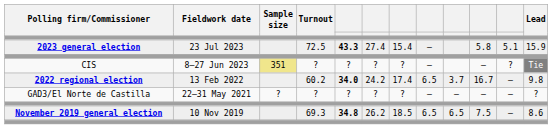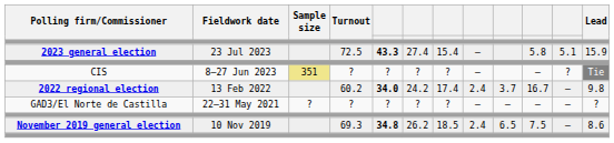 <table class="wikitable collapsible collapsed" style="text-align:center; font-size:95%; line-height:16px;">
 <tr style="height:42px;">
 <th style="width:250px;" rowspan="2">Polling firm/Commissioner</th>
 <th style="width:125px;" rowspan="2">Fieldwork date</th>
 <th style="width:50px;" rowspan="2">Sample size</th>
 <th style="width:45px;" rowspan="2">Turnout</th>
 <th style="width:35px;"></th>
 <th style="width:35px;"></th>
 <th style="width:35px;"></th>
 <th style="width:35px;"></th>
 <th style="width:35px;"></th>
 <th style="width:35px;"></th>
 <th style="width:35px;"></th>
 <th style="width:30px;" rowspan="2">Lead</th>
 </tr>
 <tr>
 <th style="color:inherit;background:"></th>
 <th style="color:inherit;background:"></th>
 <th style="color:inherit;background:"></th>
 <th style="color:inherit;background:"></th>
 <th style="color:inherit;background:"></th>
 <th style="color:inherit;background:"></th>
 <th style="color:inherit;background:"></th>
 </tr>
 <tr>
 <td colspan="12" style="background:#A0A0A0"></td>
 </tr>
 <tr style="background:#EFEFEF;">
 <td><strong><a href='#'>2023 general election</a></strong></td>
 <td>23 Jul 2023</td>
 <td></td>
 <td>72.5</td>
 <td><strong>43.3</strong><br></td>
 <td>27.4<br></td>
 <td>15.4<br></td>
 <td>–</td>
 <td></td>
 <td>5.8<br></td>
 <td>5.1<br></td>
 <td style="background:">15.9</td>
 </tr>
 <tr>
 <td colspan="12" style="background:#A0A0A0"></td>
 </tr>
 <tr>
 <td>CIS</td>
 <td>8–27 Jun 2023</td>
 <td style="background: khaki;">351</td>
 <td>?</td>
 <td>?<br></td>
 <td>?<br></td>
 <td>?<br></td>
 <td>–</td>
 <td></td>
 <td>–</td>
 <td>?<br></td>
 <td style="background:gray; color:white;">Tie</td>
 </tr>
 <tr style="background:#EFEFEF;">
 <td><strong><a href='#'>2022 regional election</a></strong></td>
 <td>13 Feb 2022</td>
 <td></td>
 <td>60.2</td>
 <td><strong>34.0</strong><br></td>
 <td>24.2<br></td>
 <td>17.4<br></td>
-<td>6.5<br></td>
+<td>2.4<br></td>
 <td>3.7<br></td>
 <td>16.7<br></td>
 <td>–</td>
 <td style="background:">9.8</td>
 </tr>
 <tr>
 <td>GAD3/El Norte de Castilla</td>
 <td>22–31 May 2021</td>
 <td>?</td>
 <td>?</td>
 <td>?<br></td>
 <td>?<br></td>
 <td>?<br></td>
 <td>–</td>
 <td>–</td>
 <td>–</td>
 <td>–</td>
 <td style="background:">?</td>
 </tr>
 <tr>
 <td colspan="12" style="background:#A0A0A0"></td>
 </tr>
 <tr style="background:#EFEFEF;">
 <td><strong><a href='#'>November 2019 general election</a></strong></td>
 <td>10 Nov 2019</td>
 <td></td>
 <td>69.3</td>
 <td><strong>34.8</strong><br></td>
 <td>26.2<br></td>
 <td>18.5<br></td>
-<td>6.5<br></td>
+<td>2.4<br></td>
 <td>6.5<br></td>
 <td>7.5<br></td>
 <td>–</td>
 <td style="background:">8.6</td>
 </tr>
 <tr>
 <td colspan="12" style="background:#A0A0A0"></td>
 </tr>
 </table>
